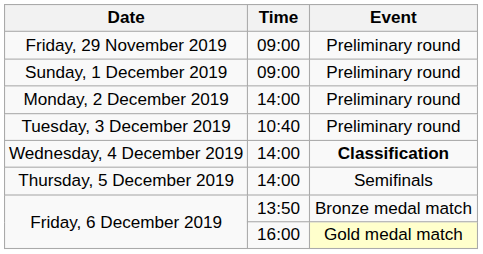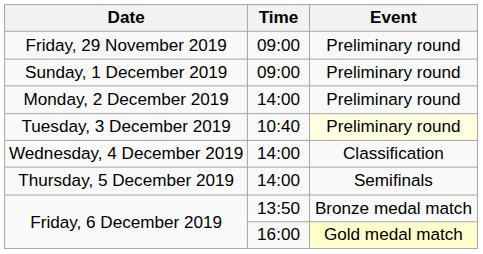 <table class = "wikitable" style="text-align:center;">
 <tr>
 <th width=220>Date</th>
 <th width=50>Time</th>
 <th width=150>Event</th>
 </tr>
 <tr>
 <td>Friday, 29 November 2019</td>
 <td>09:00</td>
 <td>Preliminary round</td>
 </tr>
 <tr>
 <td>Sunday, 1 December 2019</td>
 <td>09:00</td>
 <td>Preliminary round</td>
 </tr>
 <tr>
 <td>Monday, 2 December 2019</td>
 <td>14:00</td>
 <td>Preliminary round</td>
 </tr>
 <tr>
 <td>Tuesday, 3 December 2019</td>
 <td>10:40</td>
-<td>Preliminary round</td>
+<td style="background: lightyellow;">Preliminary round</td>
 </tr>
 <tr>
 <td>Wednesday, 4 December 2019</td>
 <td>14:00</td>
-<td><strong>Classification</strong></td>
+<td>Classification</td>
 </tr>
 <tr>
 <td>Thursday, 5 December 2019</td>
 <td>14:00</td>
 <td>Semifinals</td>
 </tr>
 <tr>
 <td rowspan=2>Friday, 6 December 2019</td>
 <td>13:50</td>
 <td>Bronze medal match</td>
 </tr>
 <tr>
 <td>16:00</td>
 <td bgcolor=ffffcc>Gold medal match</td>
 </tr>
 </table>
